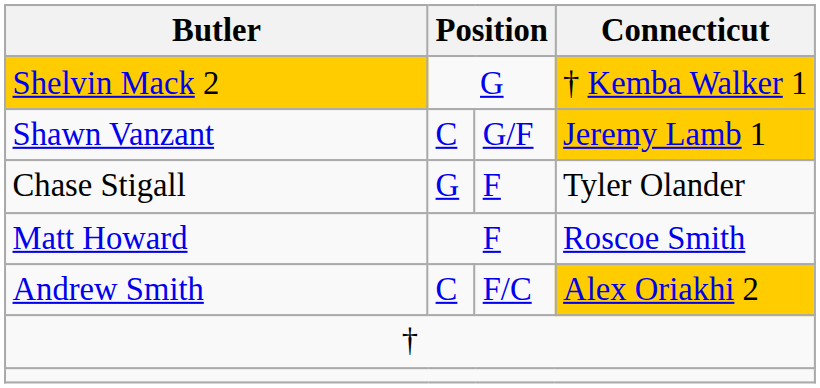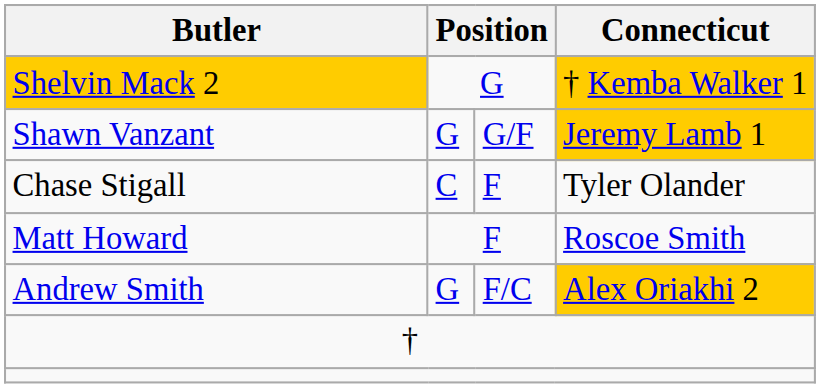 <table class="wikitable">
 <tr>
 <th style="width:200px;">Butler</th>
 <th colspan="2">Position</th>
 <th>Connecticut</th>
 </tr>
 <tr>
 <td bgcolor="#FFCC00"><a href='#'>Shelvin Mack</a> 2</td>
 <td colspan="2" style="text-align:center"><a href='#'>G</a></td>
 <td bgcolor="#FFCC00">† <a href='#'>Kemba Walker</a> 1</td>
 </tr>
 <tr>
 <td><a href='#'>Shawn Vanzant</a></td>
-<td><a href='#'>C</a></td>
+<td><a href='#'>G</a></td>
 <td><a href='#'>G/F</a></td>
 <td bgcolor="#FFCC00"><a href='#'>Jeremy Lamb</a> 1</td>
 </tr>
 <tr>
 <td>Chase Stigall</td>
-<td><a href='#'>G</a></td>
+<td><a href='#'>C</a></td>
 <td><a href='#'>F</a></td>
 <td>Tyler Olander</td>
 </tr>
 <tr>
 <td><a href='#'>Matt Howard</a></td>
 <td colspan="2" style="text-align:center"><a href='#'>F</a></td>
 <td><a href='#'>Roscoe Smith</a></td>
 </tr>
 <tr>
 <td><a href='#'>Andrew Smith</a></td>
-<td><a href='#'>C</a></td>
+<td><a href='#'>G</a></td>
 <td><a href='#'>F/C</a></td>
 <td bgcolor="#FFCC00"><a href='#'>Alex Oriakhi</a> 2</td>
 </tr>
 <tr>
 <td colspan="5" align=center>† </td>
 </tr>
 <tr>
 <td colspan="5" align=center></td>
 </tr>
 </table>
